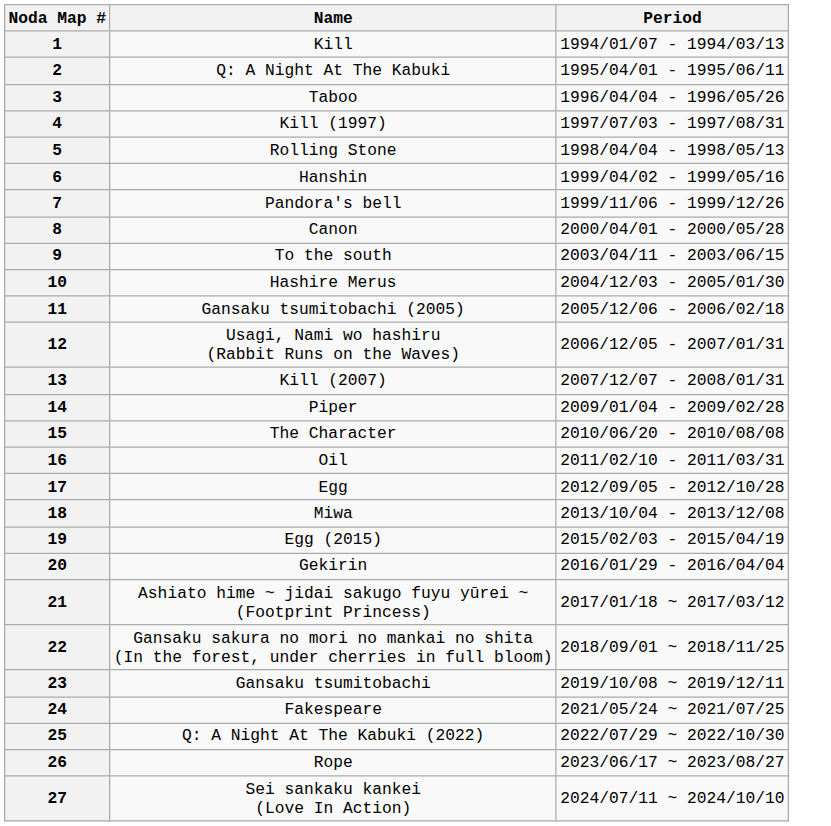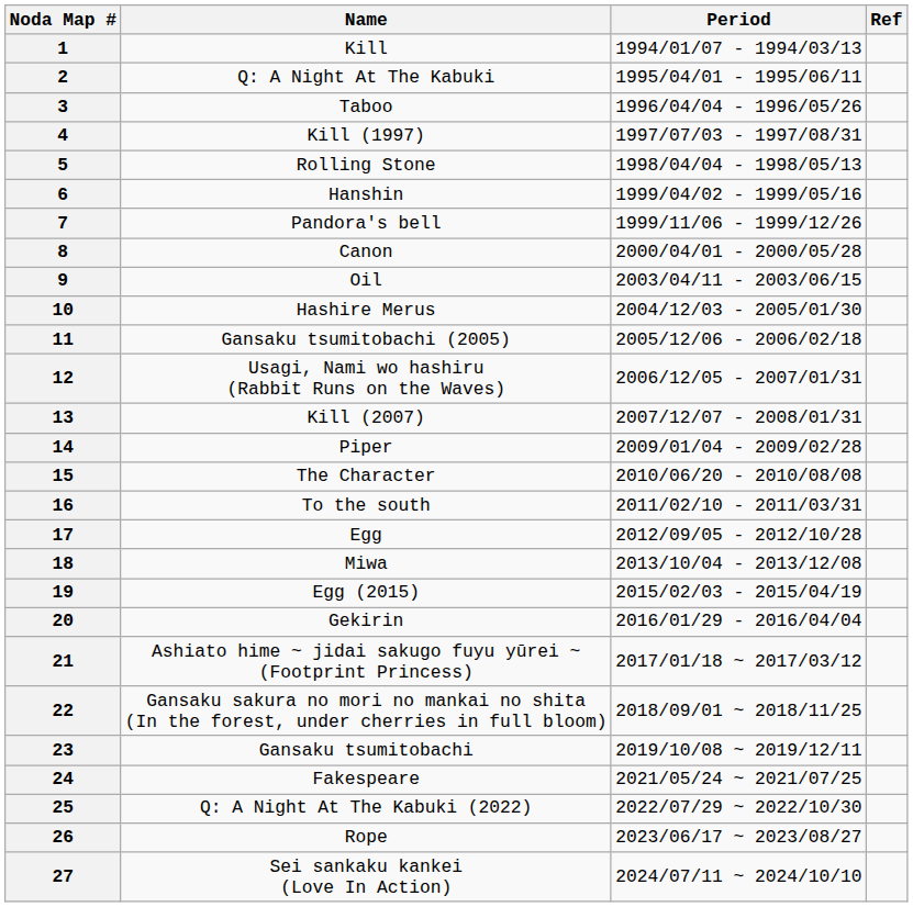 <table class=wikitable style="text-align: center;">
 <tr>
 <th>Noda Map #</th>
 <th>Name</th>
 <th>Period</th>
+<th>Ref</th>
 </tr>
 <tr>
 <th>1</th>
 <td>Kill</td>
 <td>1994/01/07 - 1994/03/13</td>
+<td></td>
 </tr>
 <tr>
 <th>2</th>
 <td>Q: A Night At The Kabuki</td>
 <td>1995/04/01 - 1995/06/11</td>
+<td></td>
 </tr>
 <tr>
 <th>3</th>
 <td>Taboo</td>
 <td>1996/04/04 - 1996/05/26</td>
+<td></td>
 </tr>
 <tr>
 <th>4</th>
 <td>Kill (1997)</td>
 <td>1997/07/03 - 1997/08/31</td>
+<td></td>
 </tr>
 <tr>
 <th>5</th>
 <td>Rolling Stone</td>
 <td>1998/04/04 - 1998/05/13</td>
+<td></td>
 </tr>
 <tr>
 <th>6</th>
 <td>Hanshin</td>
 <td>1999/04/02 - 1999/05/16</td>
+<td></td>
 </tr>
 <tr>
 <th>7</th>
 <td>Pandora's bell</td>
 <td>1999/11/06 - 1999/12/26</td>
+<td></td>
 </tr>
 <tr>
 <th>8</th>
 <td>Canon</td>
 <td>2000/04/01 - 2000/05/28</td>
+<td></td>
 </tr>
 <tr>
 <th>9</th>
-<td>To the south</td>
+<td>Oil</td>
 <td>2003/04/11 - 2003/06/15</td>
+<td></td>
 </tr>
 <tr>
 <th>10</th>
 <td>Hashire Merus</td>
 <td>2004/12/03 - 2005/01/30</td>
+<td></td>
 </tr>
 <tr>
 <th>11</th>
 <td>Gansaku tsumitobachi (2005)</td>
 <td>2005/12/06 - 2006/02/18</td>
+<td></td>
 </tr>
 <tr>
 <th>12</th>
 <td>Usagi, Nami wo hashiru<br>(Rabbit Runs on the Waves)</td>
 <td>2006/12/05 - 2007/01/31</td>
+<td></td>
 </tr>
 <tr>
 <th>13</th>
 <td>Kill (2007)</td>
 <td>2007/12/07 - 2008/01/31</td>
+<td></td>
 </tr>
 <tr>
 <th>14</th>
 <td>Piper</td>
 <td>2009/01/04 - 2009/02/28</td>
+<td></td>
 </tr>
 <tr>
 <th>15</th>
 <td>The Character</td>
 <td>2010/06/20 - 2010/08/08</td>
+<td></td>
 </tr>
 <tr>
 <th>16</th>
-<td>Oil</td>
+<td>To the south</td>
 <td>2011/02/10 - 2011/03/31</td>
+<td></td>
 </tr>
 <tr>
 <th>17</th>
 <td>Egg</td>
 <td>2012/09/05 - 2012/10/28</td>
+<td></td>
 </tr>
 <tr>
 <th>18</th>
 <td>Miwa</td>
 <td>2013/10/04 - 2013/12/08</td>
+<td></td>
 </tr>
 <tr>
 <th>19</th>
 <td>Egg (2015)</td>
 <td>2015/02/03 - 2015/04/19</td>
+<td></td>
 </tr>
 <tr>
 <th>20</th>
 <td>Gekirin</td>
 <td>2016/01/29 - 2016/04/04</td>
+<td></td>
 </tr>
 <tr>
 <th>21</th>
 <td>Ashiato hime ~ jidai sakugo fuyu yūrei ~<br> (Footprint Princess)</td>
 <td>2017/01/18 ~ 2017/03/12</td>
+<td></td>
 </tr>
 <tr>
 <th>22</th>
 <td>Gansaku sakura no mori no mankai no shita<br> (In the forest, under cherries in full bloom)</td>
 <td>2018/09/01 ~ 2018/11/25</td>
+<td></td>
 </tr>
 <tr>
 <th>23</th>
 <td>Gansaku tsumitobachi</td>
 <td>2019/10/08 ~ 2019/12/11</td>
+<td></td>
 </tr>
 <tr>
 <th>24</th>
 <td>Fakespeare</td>
 <td>2021/05/24 ~ 2021/07/25</td>
+<td></td>
 </tr>
 <tr>
 <th>25</th>
 <td>Q: A Night At The Kabuki (2022)</td>
 <td>2022/07/29 ~ 2022/10/30</td>
+<td></td>
 </tr>
 <tr>
 <th>26</th>
 <td>Rope</td>
 <td>2023/06/17 ~ 2023/08/27</td>
+<td></td>
 </tr>
 <tr>
 <th>27</th>
 <td>Sei sankaku kankei<br>(Love In Action)</td>
 <td>2024/07/11 ~ 2024/10/10</td>
+<td></td>
 </tr>
 </table>
